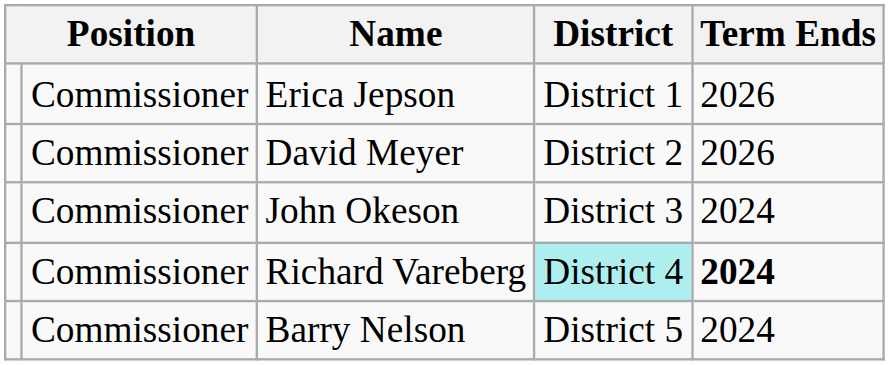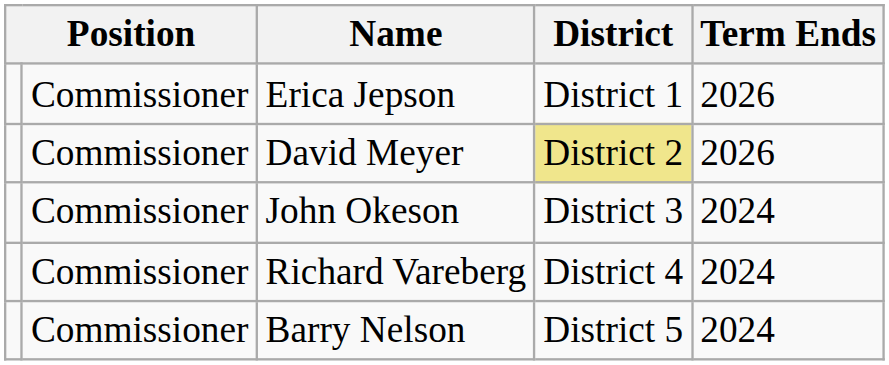 <table class="wikitable">
 <tr>
 <th colspan="2">Position</th>
 <th>Name</th>
 <th>District</th>
 <th>Term Ends</th>
 </tr>
 <tr>
 <td></td>
 <td>Commissioner</td>
 <td>Erica Jepson</td>
 <td>District 1</td>
 <td>2026</td>
 </tr>
 <tr>
 <td></td>
 <td>Commissioner</td>
 <td>David Meyer</td>
-<td>District 2</td>
+<td style="background: khaki;">District 2</td>
 <td>2026</td>
 </tr>
 <tr>
 <td></td>
 <td>Commissioner</td>
 <td>John Okeson</td>
 <td>District 3</td>
 <td>2024</td>
 </tr>
 <tr>
 <td></td>
 <td>Commissioner</td>
 <td>Richard Vareberg</td>
-<td style="background: paleturquoise;">District 4</td>
-<td><strong>2024</strong></td>
+<td>District 4</td>
+<td>2024</td>
 </tr>
 <tr>
 <td></td>
 <td>Commissioner</td>
 <td>Barry Nelson</td>
 <td>District 5</td>
 <td>2024</td>
 </tr>
 </table>
